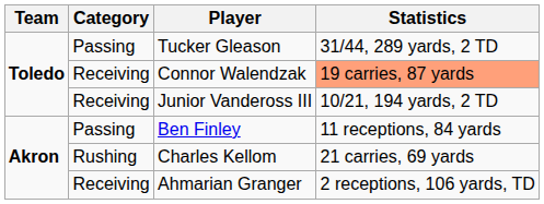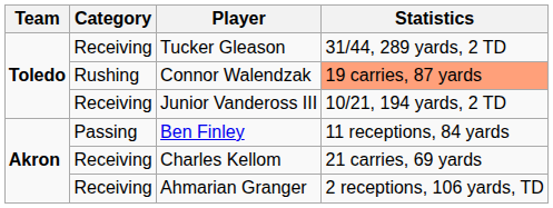 <table class="wikitable" style="float: right;">
 <tr>
 <th>Team</th>
 <th>Category</th>
 <th>Player</th>
 <th>Statistics</th>
 </tr>
 <tr>
 <td rowspan=3><strong>Toledo</strong></td>
-<td>Passing</td>
+<td>Receiving</td>
 <td>Tucker Gleason</td>
 <td>31/44, 289 yards, 2 TD</td>
 </tr>
 <tr>
-<td>Receiving</td>
+<td>Rushing</td>
 <td>Connor Walendzak</td>
 <td style="background: lightsalmon;">19 carries, 87 yards</td>
 </tr>
 <tr>
 <td>Receiving</td>
 <td>Junior Vandeross III</td>
 <td>10/21, 194 yards, 2 TD</td>
 </tr>
 <tr>
 <td rowspan=3><strong>Akron</strong></td>
 <td>Passing</td>
 <td><a href='#'>Ben Finley</a></td>
 <td>11 receptions, 84 yards</td>
 </tr>
 <tr>
-<td>Rushing</td>
+<td>Receiving</td>
 <td>Charles Kellom</td>
 <td>21 carries, 69 yards</td>
 </tr>
 <tr>
 <td>Receiving</td>
 <td>Ahmarian Granger</td>
 <td>2 receptions, 106 yards, TD</td>
 </tr>
 </table>
